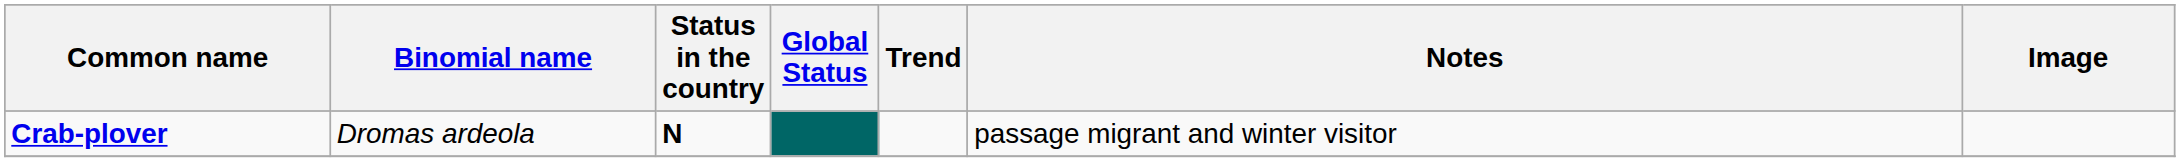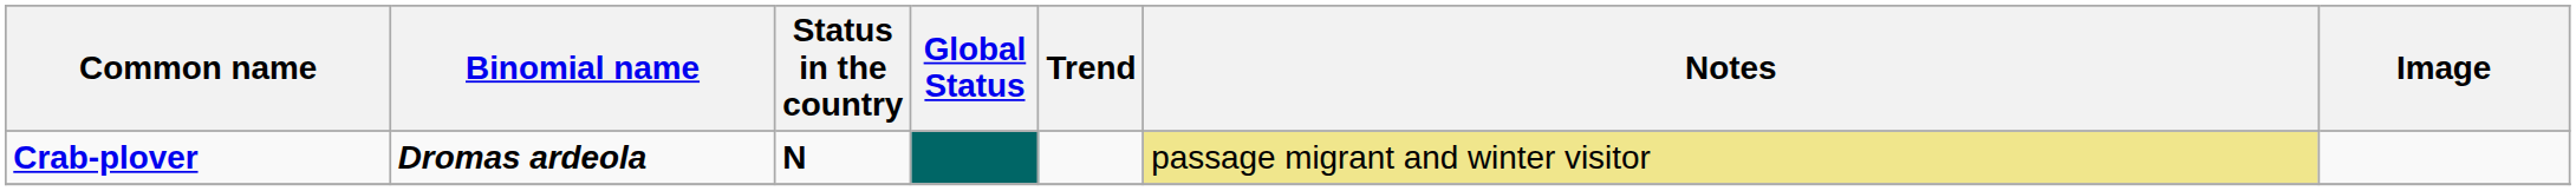 <table class="wikitable sortable">
 <tr>
 <th width="15%">Common name</th>
 <th width="15%"><a href='#'>Binomial name</a></th>
 <th data-sort-type="number" width="1%">Status in the country</th>
 <th width="5%"><a href='#'>Global Status</a></th>
 <th width="1%">Trend</th>
 <th class="unsortable">Notes</th>
 <th class="unsortable">Image</th>
 </tr>
 <tr>
 <td><strong><a href='#'>Crab-plover</a></strong></td>
-<td><em>Dromas ardeola</em></td>
+<td><strong><em>Dromas ardeola</em></strong></td>
 <td><strong>N</strong></td>
 <td align=center style="background: #006666"></td>
 <td align=center></td>
-<td>passage migrant and winter visitor</td>
+<td style="background: khaki;">passage migrant and winter visitor</td>
 <td></td>
 </tr>
 <tr>
 </tr>
 </table>
